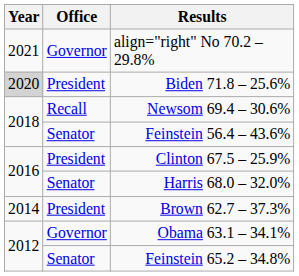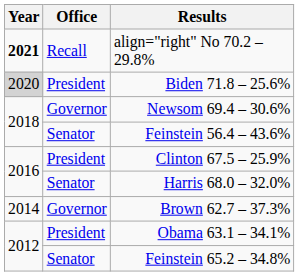 <table class=wikitable>
 <tr>
 <th width="30">Year</th>
 <th width="60">Office</th>
 <th width="180">Results</th>
 </tr>
 <tr>
-<td>2021</td>
-<td><a href='#'>Governor</a></td>
+<td><strong>2021</strong></td>
+<td><a href='#'>Recall</a></td>
 <td>align="right"  No 70.2 – 29.8%</td>
 </tr>
 <tr>
 <td style="background: lightgrey;">2020</td>
 <td><a href='#'>President</a></td>
 <td align="right" ><a href='#'>Biden</a> 71.8 – 25.6%</td>
 </tr>
 <tr>
 <td rowspan="2">2018</td>
-<td><a href='#'>Recall</a></td>
+<td><a href='#'>Governor</a></td>
 <td align="right" ><a href='#'>Newsom</a> 69.4 – 30.6%</td>
 </tr>
 <tr>
 <td><a href='#'>Senator</a></td>
 <td align="right" ><a href='#'>Feinstein</a> 56.4 – 43.6%</td>
 </tr>
 <tr>
 <td rowspan="2">2016</td>
 <td><a href='#'>President</a></td>
 <td align="right" ><a href='#'>Clinton</a> 67.5 – 25.9%</td>
 </tr>
 <tr>
 <td><a href='#'>Senator</a></td>
 <td align="right" ><a href='#'>Harris</a> 68.0 – 32.0%</td>
 </tr>
 <tr>
 <td>2014</td>
-<td><a href='#'>President</a></td>
+<td><a href='#'>Governor</a></td>
 <td align="right" ><a href='#'>Brown</a> 62.7 – 37.3%</td>
 </tr>
 <tr>
 <td rowspan="2">2012</td>
-<td><a href='#'>Governor</a></td>
+<td><a href='#'>President</a></td>
 <td align="right" ><a href='#'>Obama</a> 63.1 – 34.1%</td>
 </tr>
 <tr>
 <td><a href='#'>Senator</a></td>
 <td align="right" ><a href='#'>Feinstein</a> 65.2 – 34.8%</td>
 </tr>
 </table>
